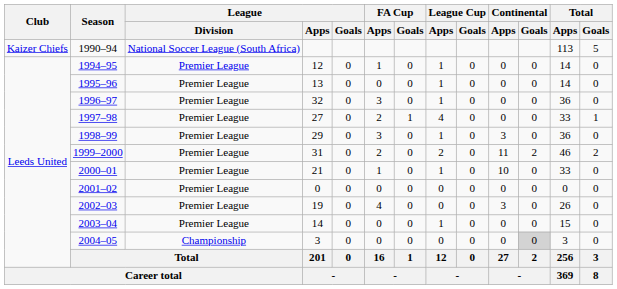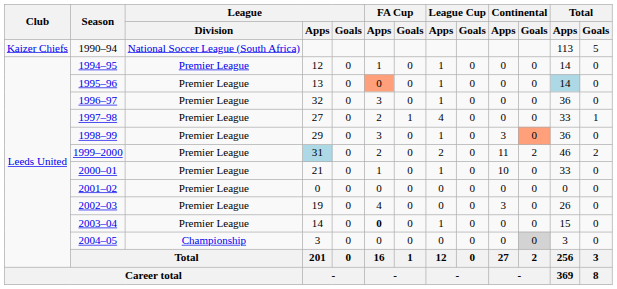 <table class="wikitable" style="text-align: center">
 <tr>
 <th rowspan="2">Club</th>
 <th rowspan="2">Season</th>
 <th colspan="3">League</th>
 <th colspan="2">FA Cup</th>
 <th colspan="2">League Cup</th>
 <th colspan="2">Continental</th>
 <th colspan="2">Total</th>
 </tr>
 <tr>
 <th>Division</th>
 <th>Apps</th>
 <th>Goals</th>
 <th>Apps</th>
 <th>Goals</th>
 <th>Apps</th>
 <th>Goals</th>
 <th>Apps</th>
 <th>Goals</th>
 <th>Apps</th>
 <th>Goals</th>
 </tr>
 <tr>
 <td><a href='#'>Kaizer Chiefs</a></td>
 <td>1990–94</td>
 <td><a href='#'>National Soccer League (South Africa)</a></td>
 <td></td>
 <td></td>
 <td></td>
 <td></td>
 <td></td>
 <td></td>
 <td></td>
 <td></td>
 <td>113</td>
 <td>5</td>
 </tr>
 <tr>
 <td rowspan="12"><a href='#'>Leeds United</a></td>
 <td><a href='#'>1994–95</a></td>
 <td><a href='#'>Premier League</a></td>
 <td>12</td>
 <td>0</td>
 <td>1</td>
 <td>0</td>
 <td>1</td>
 <td>0</td>
 <td>0</td>
 <td>0</td>
 <td>14</td>
 <td>0</td>
 </tr>
 <tr>
 <td><a href='#'>1995–96</a></td>
 <td>Premier League</td>
 <td>13</td>
 <td>0</td>
-<td>0</td>
+<td style="background: lightsalmon;">0</td>
 <td>0</td>
 <td>1</td>
 <td>0</td>
 <td>0</td>
 <td>0</td>
-<td>14</td>
+<td style="background: lightblue;">14</td>
 <td>0</td>
 </tr>
 <tr>
 <td><a href='#'>1996–97</a></td>
 <td>Premier League</td>
 <td>32</td>
 <td>0</td>
 <td>3</td>
 <td>0</td>
 <td>1</td>
 <td>0</td>
 <td>0</td>
 <td>0</td>
 <td>36</td>
 <td>0</td>
 </tr>
 <tr>
 <td><a href='#'>1997–98</a></td>
 <td>Premier League</td>
 <td>27</td>
 <td>0</td>
 <td>2</td>
 <td>1</td>
 <td>4</td>
 <td>0</td>
 <td>0</td>
 <td>0</td>
 <td>33</td>
 <td>1</td>
 </tr>
 <tr>
 <td><a href='#'>1998–99</a></td>
 <td>Premier League</td>
 <td>29</td>
 <td>0</td>
 <td>3</td>
 <td>0</td>
 <td>1</td>
 <td>0</td>
 <td>3</td>
-<td>0</td>
+<td style="background: lightsalmon;">0</td>
 <td>36</td>
 <td>0</td>
 </tr>
 <tr>
 <td><a href='#'>1999–2000</a></td>
 <td>Premier League</td>
-<td>31</td>
+<td style="background: lightblue;">31</td>
 <td>0</td>
 <td>2</td>
 <td>0</td>
 <td>2</td>
 <td>0</td>
 <td>11</td>
 <td>2</td>
 <td>46</td>
 <td>2</td>
 </tr>
 <tr>
 <td><a href='#'>2000–01</a></td>
 <td>Premier League</td>
 <td>21</td>
 <td>0</td>
 <td>1</td>
 <td>0</td>
 <td>1</td>
 <td>0</td>
 <td>10</td>
 <td>0</td>
 <td>33</td>
 <td>0</td>
 </tr>
 <tr>
 <td><a href='#'>2001–02</a></td>
 <td>Premier League</td>
 <td>0</td>
 <td>0</td>
 <td>0</td>
 <td>0</td>
 <td>0</td>
 <td>0</td>
 <td>0</td>
 <td>0</td>
 <td>0</td>
 <td>0</td>
 </tr>
 <tr>
 <td><a href='#'>2002–03</a></td>
 <td>Premier League</td>
 <td>19</td>
 <td>0</td>
 <td>4</td>
 <td>0</td>
 <td>0</td>
 <td>0</td>
 <td>3</td>
 <td>0</td>
 <td>26</td>
 <td>0</td>
 </tr>
 <tr>
 <td><a href='#'>2003–04</a></td>
 <td>Premier League</td>
 <td>14</td>
 <td>0</td>
-<td>0</td>
+<td><strong>0</strong></td>
 <td>0</td>
 <td>1</td>
 <td>0</td>
 <td>0</td>
 <td>0</td>
 <td>15</td>
 <td>0</td>
 </tr>
 <tr>
 <td><a href='#'>2004–05</a></td>
 <td><a href='#'>Championship</a></td>
 <td>3</td>
 <td>0</td>
 <td>0</td>
 <td>0</td>
 <td>0</td>
 <td>0</td>
 <td>0</td>
 <td style="background: lightgrey;">0</td>
 <td>3</td>
 <td>0</td>
 </tr>
 <tr>
 <th colspan="2">Total</th>
 <th>201</th>
 <th>0</th>
 <th>16</th>
 <th>1</th>
 <th>12</th>
 <th>0</th>
 <th>27</th>
 <th>2</th>
 <th>256</th>
 <th>3</th>
 </tr>
 <tr>
 <th colspan="3">Career total</th>
 <th colspan="2">-</th>
 <th colspan="2">-</th>
 <th colspan="2">-</th>
 <th colspan="2">-</th>
 <th>369</th>
 <th>8</th>
 </tr>
 </table>
